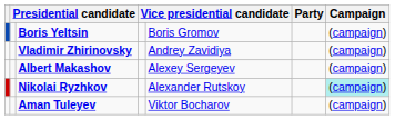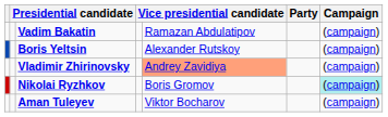 <table class="wikitable">
 <tr>
 <th></th>
 <th colspan=2><a href='#'>Presidential</a> candidate</th>
 <th colspan=2><a href='#'>Vice presidential</a> candidate</th>
 <th>Party</th>
 <th>Campaign</th>
 </tr>
 <tr>
+<td style="background-color:"></td>
+<td></td>
+<td><strong><a href='#'>Vadim Bakatin</a></strong></td>
+<td></td>
+<td><a href='#'>Ramazan Abdulatipov</a></td>
+<td></td>
+<td>(<a href='#'>campaign</a>)</td>
+</tr>
+<tr>
 <td style="background-color:#0948B1;"></td>
 <td></td>
 <td><strong><a href='#'>Boris Yeltsin</a></strong></td>
 <td></td>
-<td><a href='#'>Boris Gromov</a></td>
+<td><a href='#'>Alexander Rutskoy</a></td>
 <td></td>
 <td>(<a href='#'>campaign</a>)</td>
 </tr>
 <tr>
 <td style="background-color:"></td>
 <td></td>
 <td><strong><a href='#'>Vladimir Zhirinovsky</a></strong></td>
 <td></td>
-<td><a href='#'>Andrey Zavidiya</a></td>
-<td></td>
-<td>(<a href='#'>campaign</a>)</td>
-</tr>
-<tr>
-<td style="background-color:"></td>
-<td></td>
-<td><strong><a href='#'>Albert Makashov</a></strong></td>
-<td></td>
-<td><a href='#'>Alexey Sergeyev</a></td>
+<td style="background: lightsalmon;"><a href='#'>Andrey Zavidiya</a></td>
 <td></td>
 <td>(<a href='#'>campaign</a>)</td>
 </tr>
 <tr>
 <td style="background-color:#CD0000;"></td>
 <td></td>
 <td><strong><a href='#'>Nikolai Ryzhkov</a></strong></td>
 <td></td>
-<td><a href='#'>Alexander Rutskoy</a></td>
+<td><a href='#'>Boris Gromov</a></td>
 <td></td>
 <td style="background: paleturquoise;">(<a href='#'>campaign</a>)</td>
 </tr>
 <tr>
 <td style="background-color:"></td>
 <td></td>
 <td><strong><a href='#'>Aman Tuleyev</a></strong></td>
 <td></td>
 <td><a href='#'>Viktor Bocharov</a></td>
 <td></td>
 <td>(<a href='#'>campaign</a>)</td>
 </tr>
 </table>
